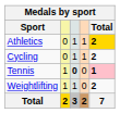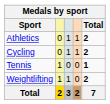 <table class="wikitable" style="font-size:85%; float:right;">
 <tr style="background:#efefef;">
 <th colspan=5>Medals by sport</th>
 </tr>
 <tr>
 <th>Sport</th>
 <td bgcolor=F7F6A8></td>
 <td bgcolor=DCE5E5></td>
 <td bgcolor=FFDAB9></td>
 <th>Total</th>
 </tr>
 <tr>
 <td><a href='#'>Athletics</a></td>
 <td bgcolor=F7F6A8>0</td>
 <td bgcolor=DCE5E5>1</td>
 <td bgcolor=FFDAB9>1</td>
-<td style="background: gold;"><strong>2</strong></td>
+<td><strong>2</strong></td>
 </tr>
 <tr>
 <td><a href='#'>Cycling</a></td>
 <td bgcolor=F7F6A8>0</td>
 <td bgcolor=DCE5E5>1</td>
 <td bgcolor=FFDAB9>1</td>
 <td><strong>2</strong></td>
 </tr>
 <tr>
 <td><a href='#'>Tennis</a></td>
 <td bgcolor=F7F6A8>1</td>
-<td bgcolor=DCE5E5><strong>0</strong></td>
+<td bgcolor=DCE5E5>0</td>
 <td bgcolor=FFDAB9>0</td>
-<td style="background: pink;"><strong>1</strong></td>
+<td><strong>1</strong></td>
 </tr>
 <tr>
 <td><a href='#'>Weightlifting</a></td>
 <td bgcolor=F7F6A8>1</td>
 <td bgcolor=DCE5E5>1</td>
 <td bgcolor=FFDAB9>0</td>
 <td><strong>2</strong></td>
 </tr>
 <tr>
 <th>Total</th>
 <th style=background:gold>2</th>
 <th style=background:silver>3</th>
 <th style=background:#c96>2</th>
 <th>7</th>
 </tr>
 </table>
